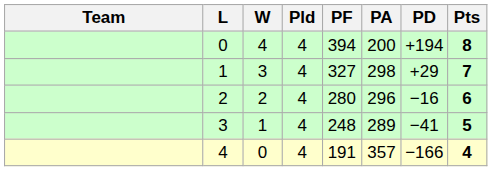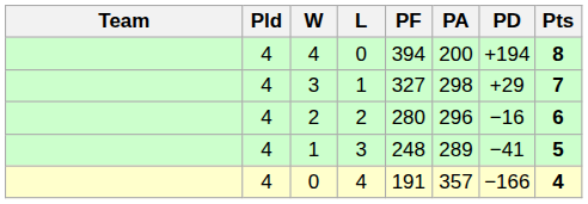 <table class=wikitable style="text-align:center">
 <tr>
 <th width=180>Team</th>
+<th width=30>Pld</th>
+<th width=30>W</th>
 <th width=30>L</th>
-<th width=30>W</th>
-<th width=30>Pld</th>
 <th width=30>PF</th>
 <th width=30>PA</th>
 <th width=30>PD</th>
 <th width=30>Pts</th>
 </tr>
 <tr align=center bgcolor="#ccffcc">
 <td align=left></td>
-<td>0</td>
 <td>4</td>
 <td>4</td>
+<td>0</td>
 <td>394</td>
 <td>200</td>
 <td>+194</td>
 <td><strong>8</strong></td>
 </tr>
 <tr align=center bgcolor="#ccffcc">
 <td align=left></td>
+<td>4</td>
+<td>3</td>
 <td>1</td>
-<td>3</td>
-<td>4</td>
 <td>327</td>
 <td>298</td>
 <td>+29</td>
 <td><strong>7</strong></td>
 </tr>
 <tr align=center bgcolor="#ccffcc">
 <td align=left></td>
+<td>4</td>
 <td>2</td>
 <td>2</td>
-<td>4</td>
 <td>280</td>
 <td>296</td>
 <td>−16</td>
 <td><strong>6</strong></td>
 </tr>
 <tr align=center bgcolor="#ccffcc">
 <td align=left></td>
+<td>4</td>
+<td>1</td>
 <td>3</td>
-<td>1</td>
-<td>4</td>
 <td>248</td>
 <td>289</td>
 <td>−41</td>
 <td><strong>5</strong></td>
 </tr>
 <tr align=center bgcolor="#ffffcc">
 <td align=left></td>
 <td>4</td>
 <td>0</td>
 <td>4</td>
 <td>191</td>
 <td>357</td>
 <td>−166</td>
 <td><strong>4</strong></td>
 </tr>
 </table>
